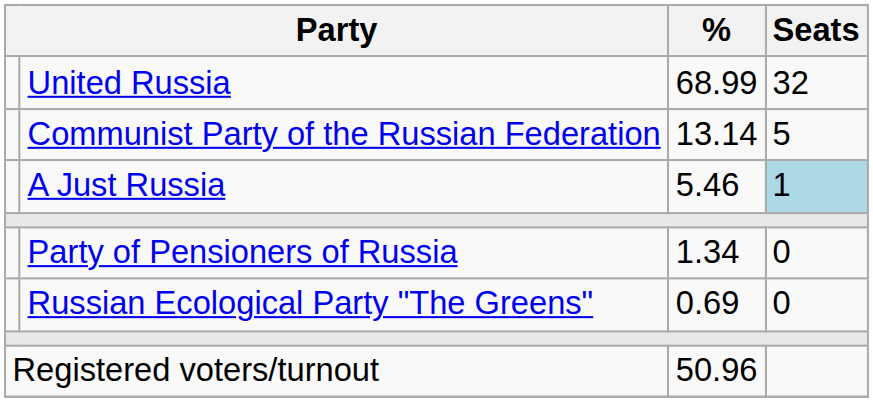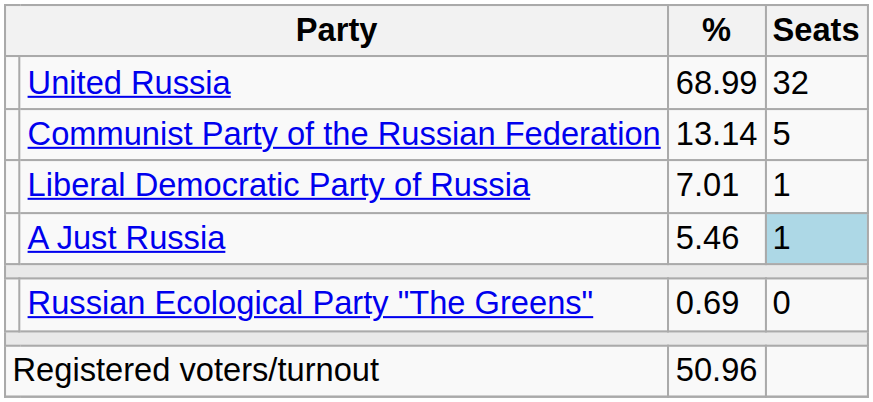 <table class="wikitable">
 <tr>
 <th colspan=2>Party</th>
 <th>%</th>
 <th>Seats</th>
 </tr>
 <tr>
 <td style="background:"></td>
 <td><a href='#'>United Russia</a></td>
 <td>68.99</td>
 <td>32</td>
 </tr>
 <tr>
 <td style="background:"></td>
 <td><a href='#'>Communist Party of the Russian Federation</a></td>
 <td>13.14</td>
 <td>5</td>
 </tr>
 <tr>
 <td style="background:"></td>
+<td><a href='#'>Liberal Democratic Party of Russia</a></td>
+<td>7.01</td>
+<td>1</td>
+</tr>
+<tr>
+<td style="background:"></td>
 <td><a href='#'>A Just Russia</a></td>
 <td>5.46</td>
 <td style="background: lightblue;">1</td>
 </tr>
 <tr>
 <td colspan=4 style="background:#E9E9E9;"></td>
-</tr>
-<tr>
-<td style="background:"></td>
-<td><a href='#'>Party of Pensioners of Russia</a></td>
-<td>1.34</td>
-<td>0</td>
 </tr>
 <tr>
 <td style="background:"></td>
 <td><a href='#'>Russian Ecological Party "The Greens"</a></td>
 <td>0.69</td>
 <td>0</td>
 </tr>
 <tr>
 <td colspan=4 style="background:#E9E9E9;"></td>
 </tr>
 <tr>
 <td align=left colspan=2>Registered voters/turnout</td>
 <td>50.96</td>
 <td></td>
 </tr>
 <tr>
 </tr>
 </table>
